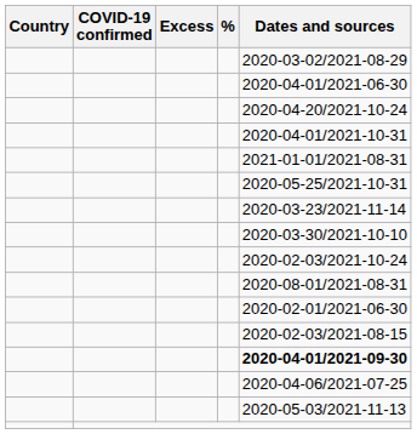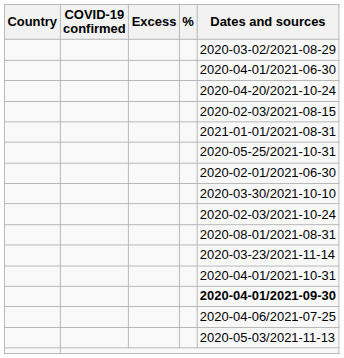 <table class="wikitable sortable">
 <tr>
 <th scope="col">Country</th>
 <th scope="col">COVID-19<br>confirmed</th>
 <th scope="col">Excess</th>
 <th scope="col">%</th>
 <th scope="col">Dates and sources</th>
 </tr>
 <tr>
 <td></td>
 <td style="text-align:right;"></td>
 <td style="text-align:right;"></td>
 <td style="text-align:right;"></td>
 <td>2020-03-02/2021-08-29</td>
 </tr>
 <tr>
 <td></td>
 <td style="text-align:right;"></td>
 <td style="text-align:right;"></td>
 <td style="text-align:right;"></td>
 <td>2020-04-01/2021-06-30</td>
 </tr>
 <tr>
 <td></td>
 <td style="text-align:right;"></td>
 <td style="text-align:right;"></td>
 <td style="text-align:right;"></td>
 <td>2020-04-20/2021-10-24</td>
 </tr>
 <tr>
 <td></td>
 <td style="text-align:right;"></td>
 <td style="text-align:right;"></td>
 <td style="text-align:right;"></td>
-<td>2020-04-01/2021-10-31</td>
+<td>2020-02-03/2021-08-15</td>
 </tr>
 <tr>
 <td></td>
 <td style="text-align:right;"></td>
 <td style="text-align:right;"></td>
 <td style="text-align:right;"></td>
 <td>2021-01-01/2021-08-31</td>
 </tr>
 <tr>
 <td></td>
 <td style="text-align:right;"></td>
 <td style="text-align:right;"></td>
 <td style="text-align:right;"></td>
 <td>2020-05-25/2021-10-31</td>
 </tr>
 <tr>
 <td></td>
 <td style="text-align:right;"></td>
 <td style="text-align:right;"></td>
 <td style="text-align:right;"></td>
-<td>2020-03-23/2021-11-14</td>
+<td>2020-02-01/2021-06-30</td>
 </tr>
 <tr>
 <td></td>
 <td style="text-align:right;"></td>
 <td style="text-align:right;"></td>
 <td style="text-align:right;"></td>
 <td>2020-03-30/2021-10-10</td>
 </tr>
 <tr>
 <td></td>
 <td style="text-align:right;"></td>
 <td style="text-align:right;"></td>
 <td style="text-align:right;"></td>
 <td>2020-02-03/2021-10-24</td>
 </tr>
 <tr>
 <td></td>
 <td style="text-align:right;"></td>
 <td style="text-align:right;"></td>
 <td style="text-align:right;"></td>
 <td>2020-08-01/2021-08-31</td>
 </tr>
 <tr>
 <td></td>
 <td style="text-align:right;"></td>
 <td style="text-align:right;"></td>
 <td style="text-align:right;"></td>
-<td>2020-02-01/2021-06-30</td>
+<td>2020-03-23/2021-11-14</td>
 </tr>
 <tr>
 <td></td>
 <td style="text-align:right;"></td>
 <td style="text-align:right;"></td>
 <td style="text-align:right;"></td>
-<td>2020-02-03/2021-08-15</td>
+<td>2020-04-01/2021-10-31</td>
 </tr>
 <tr>
 <td></td>
 <td style="text-align:right;"></td>
 <td style="text-align:right;"></td>
 <td style="text-align:right;"></td>
 <td><strong>2020-04-01/2021-09-30</strong></td>
 </tr>
 <tr>
 <td></td>
 <td style="text-align:right;"></td>
 <td style="text-align:right;"></td>
 <td style="text-align:right;"></td>
 <td>2020-04-06/2021-07-25</td>
 </tr>
 <tr>
 <td></td>
 <td style="text-align:right;"></td>
 <td style="text-align:right;"></td>
 <td style="text-align:right;"></td>
 <td>2020-05-03/2021-11-13</td>
 </tr>
 <tr>
 <td></td>
 </tr>
 </table>
